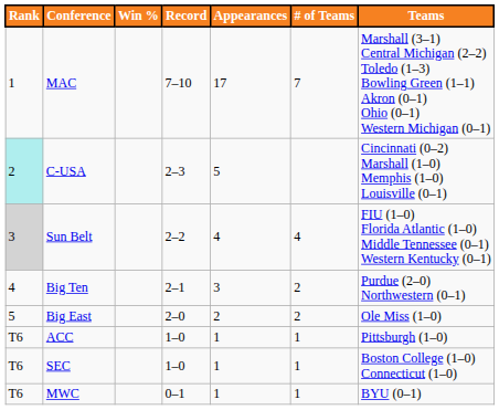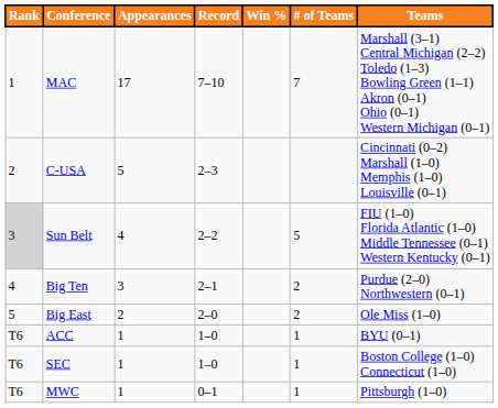 <table class="wikitable">
 <tr>
 <th style="background:#F68121; color:#FFFFFF; border: 2px solid #000000;">Rank</th>
 <th style="background:#F68121; color:#FFFFFF; border: 2px solid #000000;">Conference</th>
+<th style="background:#F68121; color:#FFFFFF; border: 2px solid #000000;">Appearances</th>
+<th style="background:#F68121; color:#FFFFFF; border: 2px solid #000000;">Record</th>
 <th style="background:#F68121; color:#FFFFFF; border: 2px solid #000000;">Win %</th>
-<th style="background:#F68121; color:#FFFFFF; border: 2px solid #000000;">Record</th>
-<th style="background:#F68121; color:#FFFFFF; border: 2px solid #000000;">Appearances</th>
 <th style="background:#F68121; color:#FFFFFF; border: 2px solid #000000;"># of Teams</th>
 <th style="background:#F68121; color:#FFFFFF; border: 2px solid #000000;">Teams</th>
 </tr>
 <tr>
 <td>1</td>
 <td><a href='#'>MAC</a></td>
+<td>17</td>
+<td>7–10</td>
 <td></td>
-<td>7–10</td>
-<td>17</td>
 <td>7</td>
 <td><a href='#'>Marshall</a> (3–1)<br><a href='#'>Central Michigan</a> (2–2)<br> <a href='#'>Toledo</a> (1–3)<br> <a href='#'>Bowling Green</a> (1–1)<br> <a href='#'>Akron</a> (0–1)<br> <a href='#'>Ohio</a> (0–1)<br> <a href='#'>Western Michigan</a> (0–1)</td>
 </tr>
 <tr>
-<td style="background: paleturquoise;">2</td>
+<td>2</td>
 <td><a href='#'>C-USA</a></td>
+<td>5</td>
+<td>2–3</td>
 <td></td>
-<td>2–3</td>
-<td>5</td>
 <td></td>
 <td><a href='#'>Cincinnati</a> (0–2)<br><a href='#'>Marshall</a> (1–0)<br> <a href='#'>Memphis</a> (1–0)<br> <a href='#'>Louisville</a> (0–1)</td>
 </tr>
 <tr>
 <td style="background: lightgrey;">3</td>
 <td><a href='#'>Sun Belt</a></td>
+<td>4</td>
+<td>2–2</td>
 <td></td>
-<td>2–2</td>
-<td>4</td>
-<td>4</td>
+<td>5</td>
 <td><a href='#'>FIU</a> (1–0)<br><a href='#'>Florida Atlantic</a> (1–0)<br> <a href='#'>Middle Tennessee</a> (0–1)<br> <a href='#'>Western Kentucky</a> (0–1)</td>
 </tr>
 <tr>
 <td>4</td>
 <td><a href='#'>Big Ten</a></td>
+<td>3</td>
+<td>2–1</td>
 <td></td>
-<td>2–1</td>
-<td>3</td>
 <td>2</td>
 <td><a href='#'>Purdue</a> (2–0)<br><a href='#'>Northwestern</a> (0–1)</td>
 </tr>
 <tr>
 <td>5</td>
 <td><a href='#'>Big East</a></td>
+<td>2</td>
+<td>2–0</td>
 <td></td>
-<td>2–0</td>
-<td>2</td>
 <td>2</td>
 <td><a href='#'>Ole Miss</a> (1–0)</td>
 </tr>
 <tr>
 <td>T6</td>
 <td><a href='#'>ACC</a></td>
+<td>1</td>
+<td>1–0</td>
 <td></td>
-<td>1–0</td>
 <td>1</td>
-<td>1</td>
-<td><a href='#'>Pittsburgh</a> (1–0)</td>
+<td><a href='#'>BYU</a> (0–1)</td>
 </tr>
 <tr>
 <td>T6</td>
 <td><a href='#'>SEC</a></td>
+<td>1</td>
+<td>1–0</td>
 <td></td>
-<td>1–0</td>
-<td>1</td>
 <td>1</td>
 <td><a href='#'>Boston College</a> (1–0)<br><a href='#'>Connecticut</a> (1–0)</td>
 </tr>
 <tr>
 <td>T6</td>
 <td><a href='#'>MWC</a></td>
+<td>1</td>
+<td>0–1</td>
 <td></td>
-<td>0–1</td>
 <td>1</td>
-<td>1</td>
-<td><a href='#'>BYU</a> (0–1)</td>
+<td><a href='#'>Pittsburgh</a> (1–0)</td>
 </tr>
 </table>
